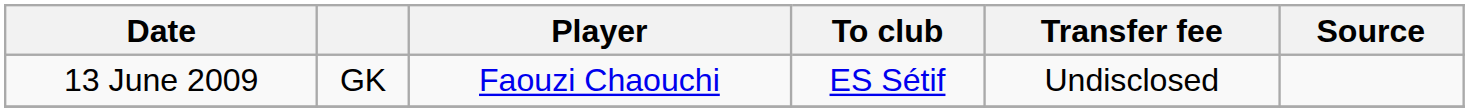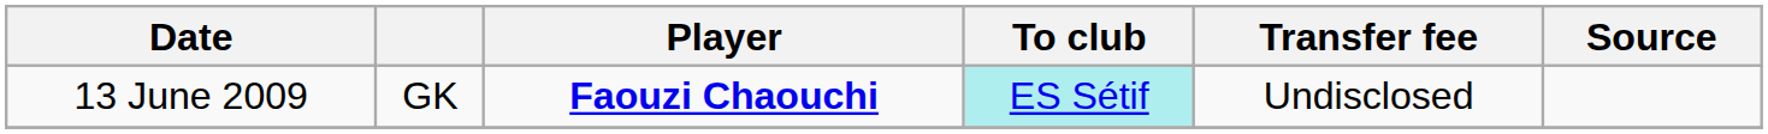 <table class="wikitable sortable" style="width:70%; text-align:center; font-size:85%; text-align:centre;">
 <tr>
 <th>Date</th>
 <th></th>
 <th>Player</th>
 <th>To club</th>
 <th>Transfer fee</th>
 <th>Source</th>
 </tr>
 <tr>
 <td>13 June 2009</td>
 <td>GK</td>
-<td> <a href='#'>Faouzi Chaouchi</a></td>
-<td><a href='#'>ES Sétif</a></td>
+<td><strong> <a href='#'>Faouzi Chaouchi</a></strong></td>
+<td style="background: paleturquoise;"><a href='#'>ES Sétif</a></td>
 <td>Undisclosed</td>
 <td></td>
 </tr>
 <tr>
 </tr>
 </table>
